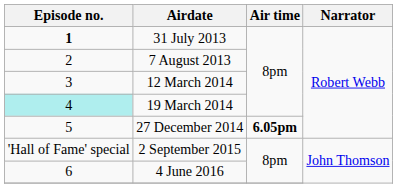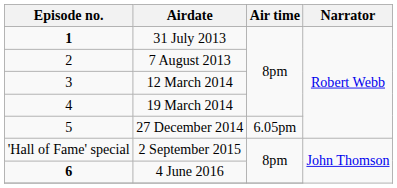 <table class="wikitable" style="text-align:center;">
 <tr>
 <th>Episode no.</th>
 <th>Airdate</th>
 <th>Air time</th>
 <th>Narrator</th>
 </tr>
 <tr>
 <td><strong>1</strong></td>
 <td>31 July 2013</td>
 <td rowspan=4>8pm</td>
 <td rowspan=5><a href='#'>Robert Webb</a></td>
 </tr>
 <tr>
 <td>2</td>
 <td>7 August 2013</td>
 </tr>
 <tr>
 <td>3</td>
 <td>12 March 2014</td>
 </tr>
 <tr>
-<td style="background: paleturquoise;">4</td>
+<td>4</td>
 <td>19 March 2014</td>
 </tr>
 <tr>
 <td>5</td>
 <td>27 December 2014</td>
-<td><strong>6.05pm</strong></td>
+<td>6.05pm</td>
 </tr>
 <tr>
 <td>'Hall of Fame' special</td>
 <td>2 September 2015</td>
 <td rowspan=2>8pm</td>
 <td rowspan=3><a href='#'>John Thomson</a></td>
 </tr>
 <tr>
-<td>6</td>
+<td><strong>6</strong></td>
 <td>4 June 2016</td>
 </tr>
 <tr>
 </tr>
 </table>
